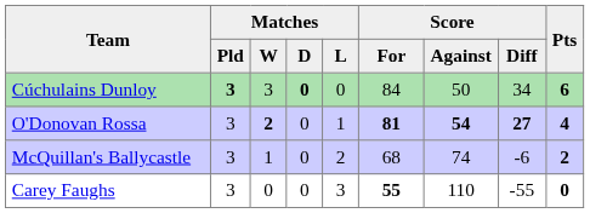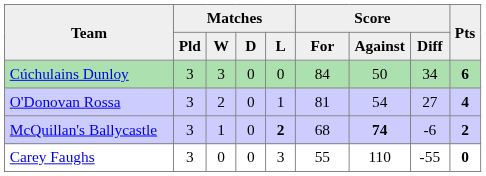 <table style=border-collapse:collapse border=1 cellspacing=0 cellpadding=5>
 <tr align=center bgcolor=#efefef>
 <th rowspan=2 width=165>Team</th>
 <th colspan=4>Matches</th>
 <th colspan=3>Score</th>
 <th rowspan=2width=20>Pts</th>
 </tr>
 <tr align=center bgcolor=#efefef>
 <th width=20>Pld</th>
 <th width=20>W</th>
 <th width=20>D</th>
 <th width=20>L</th>
 <th width=45>For</th>
 <th width=45>Against</th>
 <th width=30>Diff</th>
 </tr>
 <tr align=center style="background:#ACE1AF;">
 <td style="text-align:left;"><a href='#'>Cúchulains Dunloy</a></td>
-<td><strong>3</strong></td>
 <td>3</td>
-<td><strong>0</strong></td>
+<td>3</td>
+<td>0</td>
 <td>0</td>
 <td>84</td>
 <td>50</td>
 <td>34</td>
 <td><strong>6</strong></td>
 </tr>
 <tr align=center style="background:#ccccff;">
 <td style="text-align:left;"><a href='#'>O'Donovan Rossa</a></td>
 <td>3</td>
-<td><strong>2</strong></td>
+<td>2</td>
 <td>0</td>
 <td>1</td>
-<td><strong>81</strong></td>
-<td><strong>54</strong></td>
-<td><strong>27</strong></td>
+<td>81</td>
+<td>54</td>
+<td>27</td>
 <td><strong>4</strong></td>
 </tr>
 <tr align=center  style="background:#ccccff;">
 <td style="text-align:left;"><a href='#'>McQuillan's Ballycastle</a></td>
 <td>3</td>
 <td>1</td>
 <td>0</td>
-<td>2</td>
+<td><strong>2</strong></td>
 <td>68</td>
-<td>74</td>
+<td><strong>74</strong></td>
 <td>-6</td>
 <td><strong>2</strong></td>
 </tr>
 <tr align=center>
 <td style="text-align:left;"><a href='#'>Carey Faughs</a></td>
 <td>3</td>
 <td>0</td>
 <td>0</td>
 <td>3</td>
-<td><strong>55</strong></td>
+<td>55</td>
 <td>110</td>
 <td>-55</td>
 <td><strong>0</strong></td>
 </tr>
 </table>
